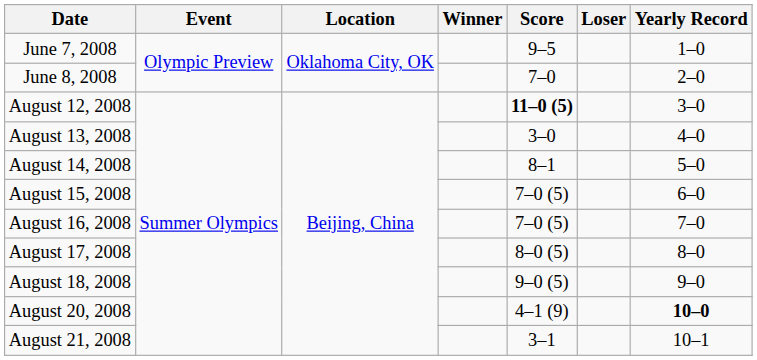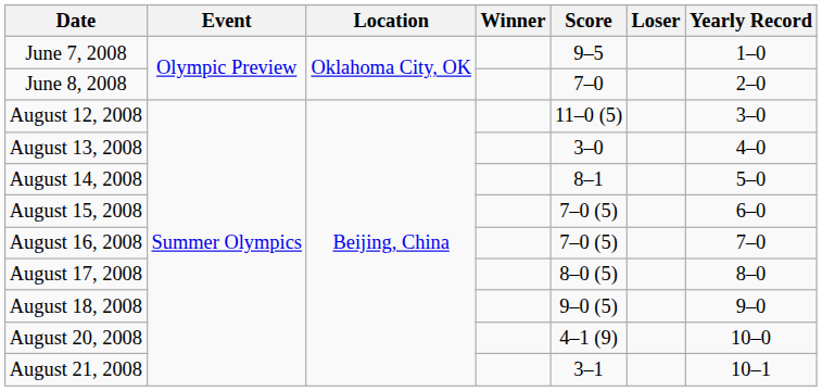 <table class="wikitable">
 <tr>
 <th>Date</th>
 <th>Event</th>
 <th>Location</th>
 <th>Winner</th>
 <th>Score</th>
 <th>Loser</th>
 <th>Yearly Record</th>
 </tr>
 <tr align=center>
 <td>June 7, 2008</td>
 <td rowspan=2><a href='#'>Olympic Preview</a></td>
 <td rowspan=2><a href='#'>Oklahoma City, OK</a></td>
 <td></td>
 <td>9–5</td>
 <td></td>
 <td>1–0</td>
 </tr>
 <tr align=center>
 <td>June 8, 2008</td>
 <td></td>
 <td>7–0</td>
 <td></td>
 <td>2–0</td>
 </tr>
 <tr align=center>
 <td>August 12, 2008</td>
 <td rowspan=9><a href='#'>Summer Olympics</a></td>
 <td rowspan=9><a href='#'>Beijing, China</a></td>
 <td></td>
-<td><strong>11–0 (5)</strong></td>
+<td>11–0 (5)</td>
 <td></td>
 <td>3–0</td>
 </tr>
 <tr align=center>
 <td>August 13, 2008</td>
 <td></td>
 <td>3–0</td>
 <td></td>
 <td>4–0</td>
 </tr>
 <tr align=center>
 <td>August 14, 2008</td>
 <td></td>
 <td>8–1</td>
 <td></td>
 <td>5–0</td>
 </tr>
 <tr align=center>
 <td>August 15, 2008</td>
 <td></td>
 <td>7–0 (5)</td>
 <td></td>
 <td>6–0</td>
 </tr>
 <tr align=center>
 <td>August 16, 2008</td>
 <td></td>
 <td>7–0 (5)</td>
 <td></td>
 <td>7–0</td>
 </tr>
 <tr align=center>
 <td>August 17, 2008</td>
 <td></td>
 <td>8–0 (5)</td>
 <td></td>
 <td>8–0</td>
 </tr>
 <tr align=center>
 <td>August 18, 2008</td>
 <td></td>
 <td>9–0 (5)</td>
 <td></td>
 <td>9–0</td>
 </tr>
 <tr align=center>
 <td>August 20, 2008</td>
 <td></td>
 <td>4–1 (9)</td>
 <td></td>
-<td><strong>10–0</strong></td>
+<td>10–0</td>
 </tr>
 <tr align=center>
 <td>August 21, 2008</td>
 <td></td>
 <td>3–1</td>
 <td></td>
 <td>10–1</td>
 </tr>
 </table>
